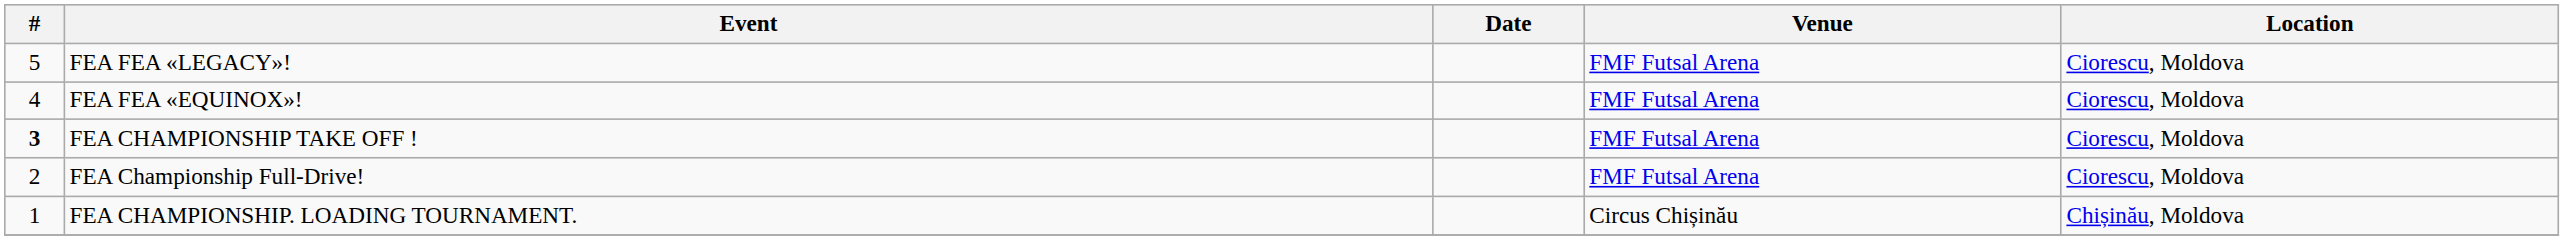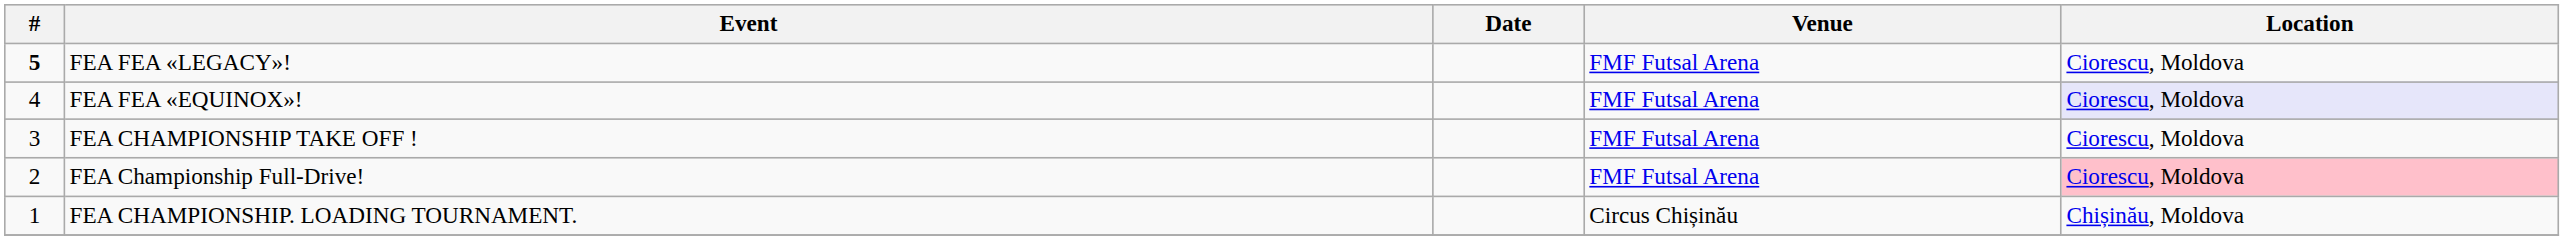 <table id="Events" class="wikitable sortable" style="width:80%; font-size:90%;">
 <tr>
 <th scope="col">#</th>
 <th scope="col">Event</th>
 <th scope="col">Date</th>
 <th scope="col">Venue</th>
 <th scope="col">Location</th>
 </tr>
 <tr>
-<td align=center>5</td>
+<td align=center><strong>5</strong></td>
 <td>FEA FEA «LEGACY»!</td>
 <td></td>
 <td><a href='#'>FMF Futsal Arena</a></td>
 <td><a href='#'>Ciorescu</a>, Moldova</td>
 </tr>
 <tr>
 <td align=center>4</td>
 <td>FEA FEA «EQUINOX»!</td>
 <td></td>
 <td><a href='#'>FMF Futsal Arena</a></td>
-<td><a href='#'>Ciorescu</a>, Moldova</td>
+<td style="background: lavender;"><a href='#'>Ciorescu</a>, Moldova</td>
 </tr>
 <tr>
-<td align=center><strong>3</strong></td>
+<td align=center>3</td>
 <td>FEA CHAMPIONSHIP TAKE OFF !</td>
 <td></td>
 <td><a href='#'>FMF Futsal Arena</a></td>
 <td><a href='#'>Ciorescu</a>, Moldova</td>
 </tr>
 <tr>
 <td align=center>2</td>
 <td>FEA Championship Full-Drive!</td>
 <td></td>
 <td><a href='#'>FMF Futsal Arena</a></td>
-<td><a href='#'>Ciorescu</a>, Moldova</td>
+<td style="background: pink;"><a href='#'>Ciorescu</a>, Moldova</td>
 </tr>
 <tr>
 <td align=center>1</td>
 <td>FEA CHAMPIONSHIP. LOADING TOURNAMENT.</td>
 <td></td>
 <td>Circus Chișinău</td>
 <td><a href='#'>Chișinău</a>, Moldova</td>
 </tr>
 <tr>
 </tr>
 </table>
